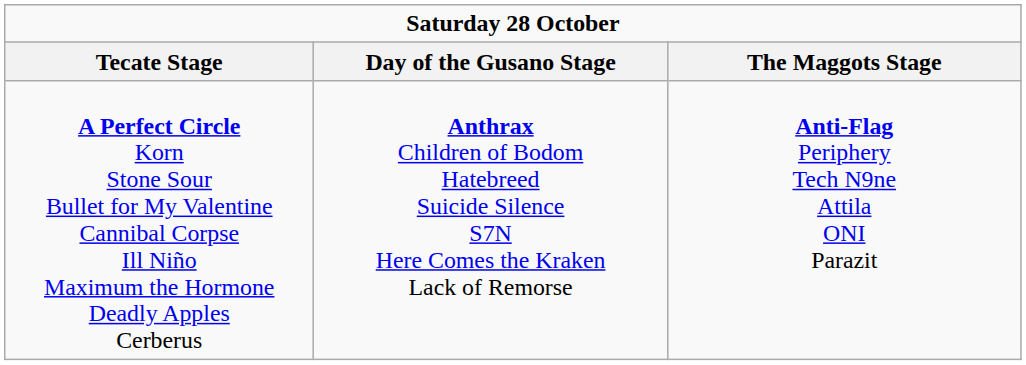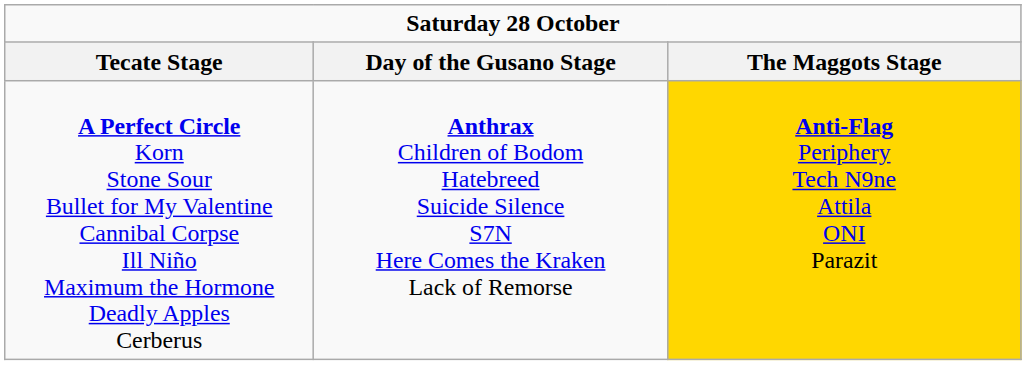 <table class="wikitable">
 <tr>
 <td colspan="4" style="text-align:center;"><strong>Saturday 28 October</strong></td>
 </tr>
 <tr>
 <th>Tecate Stage</th>
 <th>Day of the Gusano Stage</th>
 <th>The Maggots Stage</th>
 </tr>
 <tr>
 <td style="text-align:center; vertical-align:top; width:200px;"><br><strong><a href='#'>A Perfect Circle</a></strong><br> <a href='#'>Korn</a><br> <a href='#'>Stone Sour</a><br> <a href='#'>Bullet for My Valentine</a><br> <a href='#'>Cannibal Corpse</a><br> <a href='#'>Ill Niño</a><br> <a href='#'>Maximum the Hormone</a><br> <a href='#'>Deadly Apples</a><br> Cerberus<br></td>
 <td style="text-align:center; vertical-align:top; width:230px;"><br><strong><a href='#'>Anthrax</a></strong><br> <a href='#'>Children of Bodom</a><br> <a href='#'>Hatebreed</a><br> <a href='#'>Suicide Silence</a><br> <a href='#'>S7N</a><br> <a href='#'>Here Comes the Kraken</a><br> Lack of Remorse<br></td>
-<td style="text-align:center; vertical-align:top; width:230px;"><br><strong><a href='#'>Anti-Flag</a></strong><br> <a href='#'>Periphery</a><br> <a href='#'>Tech N9ne</a><br> <a href='#'>Attila</a><br> <a href='#'>ONI</a><br> Parazit<br></td>
+<td style="background: gold; text-align:center; vertical-align:top; width:230px;"><br><strong><a href='#'>Anti-Flag</a></strong><br> <a href='#'>Periphery</a><br> <a href='#'>Tech N9ne</a><br> <a href='#'>Attila</a><br> <a href='#'>ONI</a><br> Parazit<br></td>
 </tr>
 </table>
